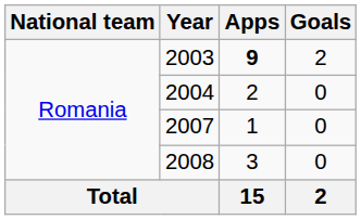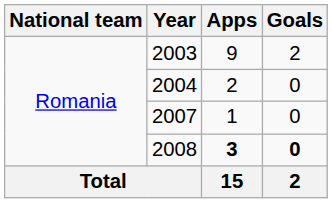 <table class="wikitable" style="text-align:center">
 <tr>
 <th>National team</th>
 <th>Year</th>
 <th>Apps</th>
 <th>Goals</th>
 </tr>
 <tr>
 <td rowspan="4"><a href='#'>Romania</a></td>
 <td>2003</td>
-<td><strong>9</strong></td>
+<td>9</td>
 <td>2</td>
 </tr>
 <tr>
 <td>2004</td>
 <td>2</td>
 <td>0</td>
 </tr>
 <tr>
 <td>2007</td>
 <td>1</td>
 <td>0</td>
 </tr>
 <tr>
 <td>2008</td>
-<td>3</td>
-<td>0</td>
+<td><strong>3</strong></td>
+<td><strong>0</strong></td>
 </tr>
 <tr>
 <th colspan="2">Total</th>
 <th>15</th>
 <th>2</th>
 </tr>
 </table>
